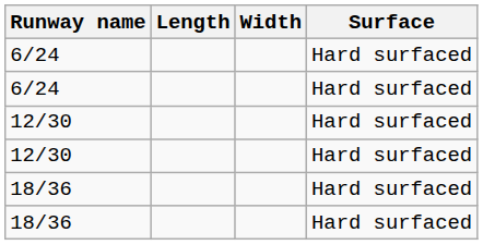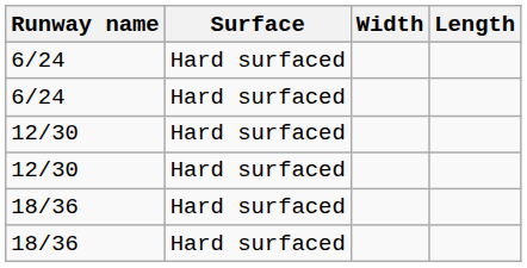 <table class="wikitable">
 <tr>
 <th>Runway name</th>
+<th>Surface</th>
+<th>Width</th>
 <th>Length</th>
-<th>Width</th>
-<th>Surface</th>
 </tr>
 <tr>
 <td>6/24</td>
+<td>Hard surfaced</td>
 <td></td>
 <td></td>
-<td>Hard surfaced</td>
 </tr>
 <tr>
 <td>6/24</td>
+<td>Hard surfaced</td>
 <td></td>
 <td></td>
-<td>Hard surfaced</td>
 </tr>
 <tr>
 <td>12/30</td>
+<td>Hard surfaced</td>
 <td></td>
 <td></td>
-<td>Hard surfaced</td>
 </tr>
 <tr>
 <td>12/30</td>
+<td>Hard surfaced</td>
 <td></td>
 <td></td>
-<td>Hard surfaced</td>
 </tr>
 <tr>
 <td>18/36</td>
+<td>Hard surfaced</td>
 <td></td>
 <td></td>
-<td>Hard surfaced</td>
 </tr>
 <tr>
 <td>18/36</td>
+<td>Hard surfaced</td>
 <td></td>
 <td></td>
-<td>Hard surfaced</td>
 </tr>
 </table>
